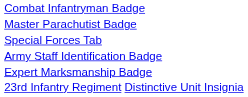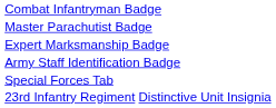 <table>
 <tr>
 <td> <a href='#'>Combat Infantryman Badge</a></td>
 </tr>
 <tr>
 <td> <a href='#'>Master Parachutist Badge</a></td>
 </tr>
 <tr>
-<td> <a href='#'>Special Forces Tab</a></td>
+<td> <a href='#'>Expert Marksmanship Badge</a></td>
 </tr>
 <tr>
 <td> <a href='#'>Army Staff Identification Badge</a></td>
 </tr>
 <tr>
-<td> <a href='#'>Expert Marksmanship Badge</a></td>
+<td> <a href='#'>Special Forces Tab</a></td>
 </tr>
 <tr>
 <td> <a href='#'>23rd Infantry Regiment</a> <a href='#'>Distinctive Unit Insignia</a></td>
 </tr>
 </table>
